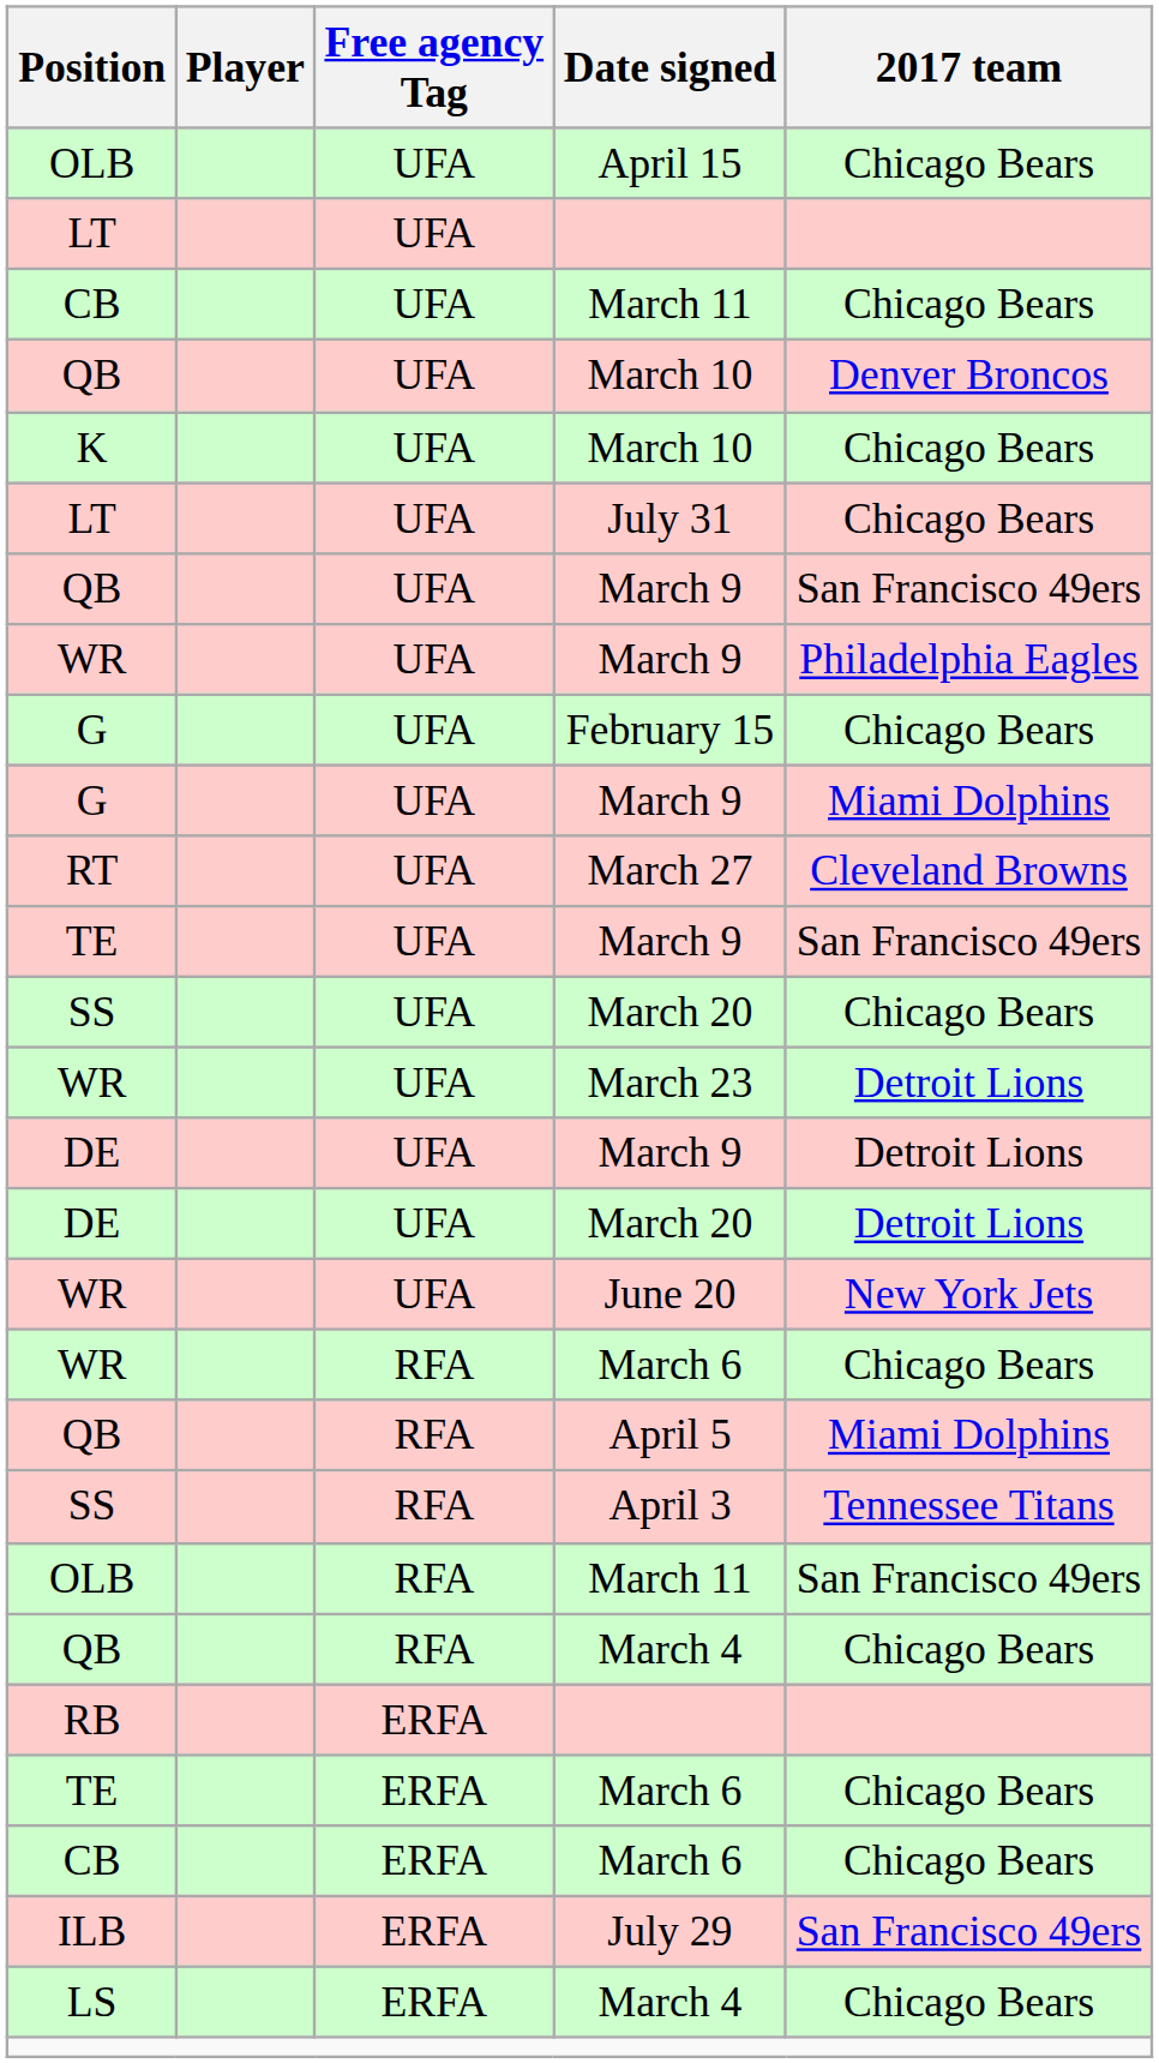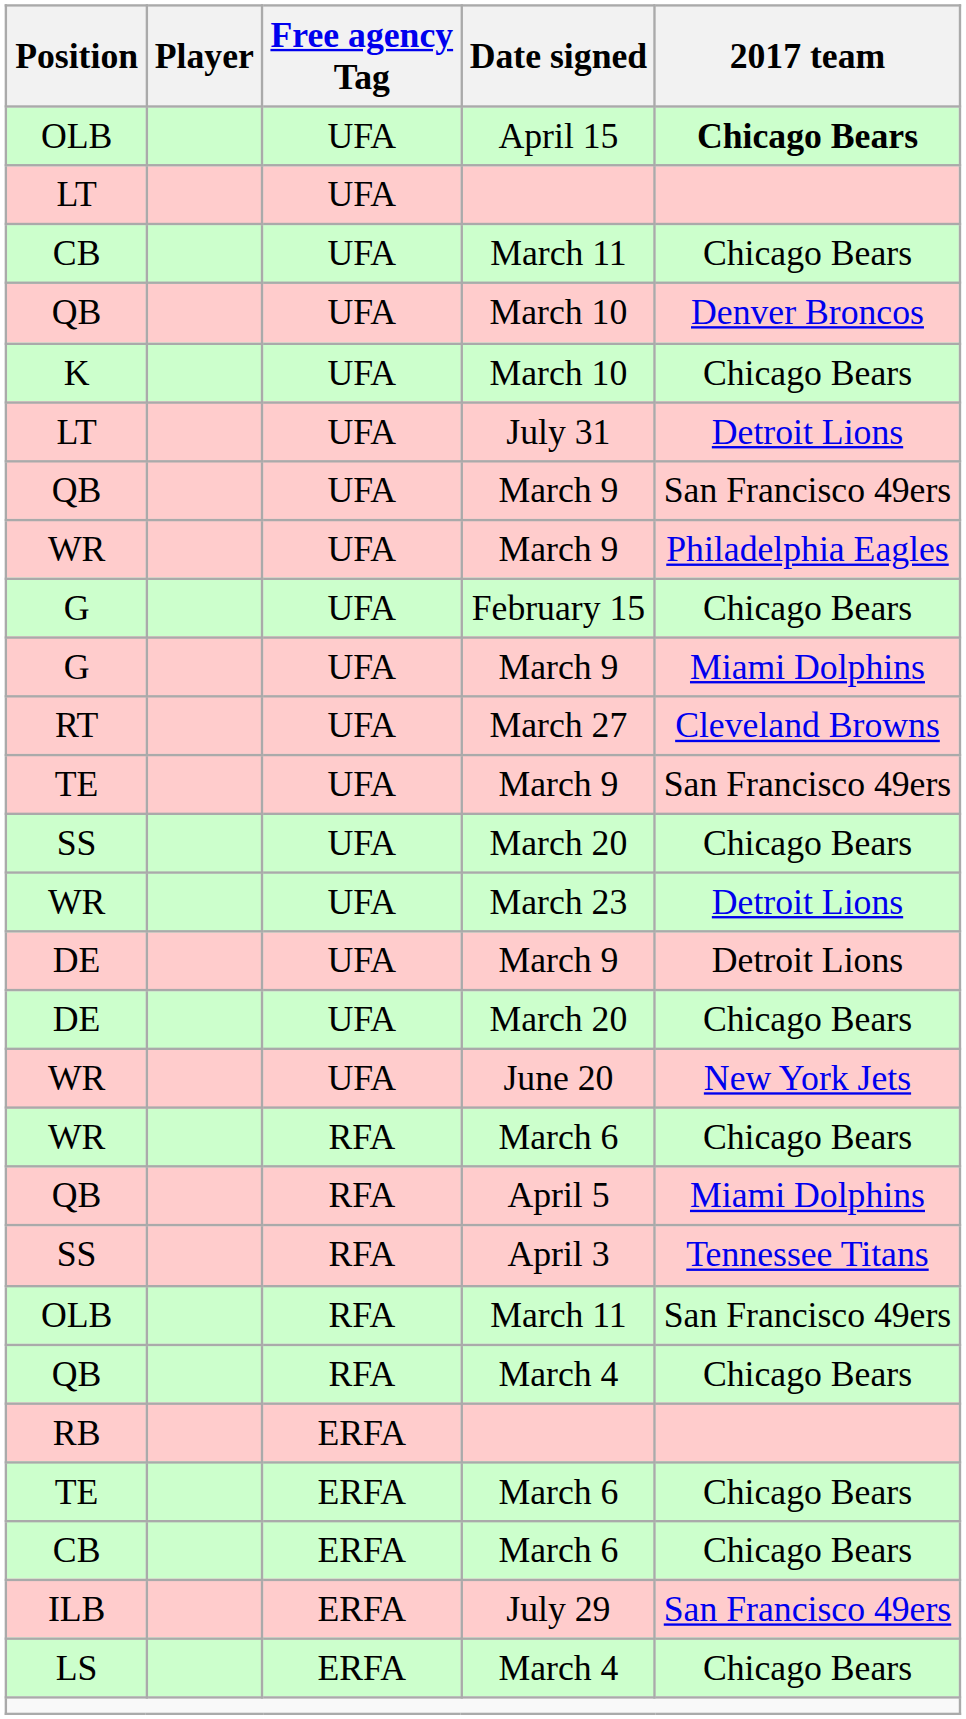 <table class="wikitable sortable"  style="float:right; font-size:95%">
 <tr>
 <th>Position</th>
 <th>Player</th>
 <th><a href='#'><span>Free agency</span></a><br>Tag</th>
 <th>Date signed</th>
 <th>2017 team</th>
 </tr>
 <tr style="background:#cfc; text-align:center">
 <td>OLB</td>
 <td></td>
 <td>UFA</td>
 <td>April 15</td>
-<td>Chicago Bears</td>
+<td><strong>Chicago Bears</strong></td>
 </tr>
 <tr style="background:#fcc; text-align:center">
 <td>LT</td>
 <td></td>
 <td>UFA</td>
 <td></td>
 <td></td>
 </tr>
 <tr style="background:#cfc; text-align:center">
 <td>CB</td>
 <td></td>
 <td>UFA</td>
 <td>March 11</td>
 <td>Chicago Bears</td>
 </tr>
 <tr style="background:#fcc; text-align:center">
 <td>QB</td>
 <td></td>
 <td>UFA</td>
 <td>March 10</td>
 <td><a href='#'>Denver Broncos</a></td>
 </tr>
 <tr style="background:#cfc; text-align:center">
 <td>K</td>
 <td></td>
 <td>UFA</td>
 <td>March 10</td>
 <td>Chicago Bears</td>
 </tr>
 <tr style="background:#fcc; text-align:center">
 <td>LT</td>
 <td></td>
 <td>UFA</td>
 <td>July 31</td>
-<td>Chicago Bears</td>
+<td><a href='#'>Detroit Lions</a></td>
 </tr>
 <tr style="background:#fcc; text-align:center">
 <td>QB</td>
 <td></td>
 <td>UFA</td>
 <td>March 9</td>
 <td>San Francisco 49ers</td>
 </tr>
 <tr style="background:#fcc; text-align:center">
 <td>WR</td>
 <td></td>
 <td>UFA</td>
 <td>March 9</td>
 <td><a href='#'>Philadelphia Eagles</a></td>
 </tr>
 <tr style="background:#cfc; text-align:center">
 <td>G</td>
 <td></td>
 <td>UFA</td>
 <td>February 15</td>
 <td>Chicago Bears</td>
 </tr>
 <tr style="background:#fcc; text-align:center">
 <td>G</td>
 <td></td>
 <td>UFA</td>
 <td>March 9</td>
 <td><a href='#'>Miami Dolphins</a></td>
 </tr>
 <tr style="background:#fcc; text-align:center">
 <td>RT</td>
 <td></td>
 <td>UFA</td>
 <td>March 27</td>
 <td><a href='#'>Cleveland Browns</a></td>
 </tr>
 <tr style="background:#fcc; text-align:center">
 <td>TE</td>
 <td></td>
 <td>UFA</td>
 <td>March 9</td>
 <td>San Francisco 49ers</td>
 </tr>
 <tr style="background:#cfc; text-align:center">
 <td>SS</td>
 <td></td>
 <td>UFA</td>
 <td>March 20</td>
 <td>Chicago Bears</td>
 </tr>
 <tr style="background:#cfc; text-align:center">
 <td>WR</td>
 <td></td>
 <td>UFA</td>
 <td>March 23</td>
 <td><a href='#'>Detroit Lions</a></td>
 </tr>
 <tr style="background:#fcc; text-align:center">
 <td>DE</td>
 <td></td>
 <td>UFA</td>
 <td>March 9</td>
 <td>Detroit Lions</td>
 </tr>
 <tr style="background:#cfc; text-align:center">
 <td>DE</td>
 <td></td>
 <td>UFA</td>
 <td>March 20</td>
-<td><a href='#'>Detroit Lions</a></td>
+<td>Chicago Bears</td>
 </tr>
 <tr style="background:#fcc; text-align:center">
 <td>WR</td>
 <td></td>
 <td>UFA</td>
 <td>June 20</td>
 <td><a href='#'>New York Jets</a></td>
 </tr>
 <tr style="background:#cfc; text-align:center">
 <td>WR</td>
 <td></td>
 <td>RFA</td>
 <td>March 6</td>
 <td>Chicago Bears</td>
 </tr>
 <tr style="background:#fcc; text-align:center">
 <td>QB</td>
 <td></td>
 <td>RFA</td>
 <td>April 5</td>
 <td><a href='#'>Miami Dolphins</a></td>
 </tr>
 <tr style="background:#fcc; text-align:center">
 <td>SS</td>
 <td></td>
 <td>RFA</td>
 <td>April 3</td>
 <td><a href='#'>Tennessee Titans</a></td>
 </tr>
 <tr style="background:#cfc; text-align:center">
 <td>OLB</td>
 <td></td>
 <td>RFA</td>
 <td>March 11</td>
 <td>San Francisco 49ers</td>
 </tr>
 <tr style="background:#cfc; text-align:center">
 <td>QB</td>
 <td></td>
 <td>RFA</td>
 <td>March 4</td>
 <td>Chicago Bears</td>
 </tr>
 <tr style="background:#fcc; text-align:center">
 <td>RB</td>
 <td></td>
 <td>ERFA</td>
 <td></td>
 <td></td>
 </tr>
 <tr style="background:#cfc; text-align:center">
 <td>TE</td>
 <td></td>
 <td>ERFA</td>
 <td>March 6</td>
 <td>Chicago Bears</td>
 </tr>
 <tr style="background:#cfc; text-align:center">
 <td>CB</td>
 <td></td>
 <td>ERFA</td>
 <td>March 6</td>
 <td>Chicago Bears</td>
 </tr>
 <tr style="background:#fcc; text-align:center">
 <td>ILB</td>
 <td></td>
 <td>ERFA</td>
 <td>July 29</td>
 <td><a href='#'>San Francisco 49ers</a></td>
 </tr>
 <tr style="background:#cfc; text-align:center">
 <td>LS</td>
 <td></td>
 <td>ERFA</td>
 <td>March 4</td>
 <td>Chicago Bears</td>
 </tr>
 <tr style="background:#">
 <td colspan="5"></td>
 </tr>
 </table>
